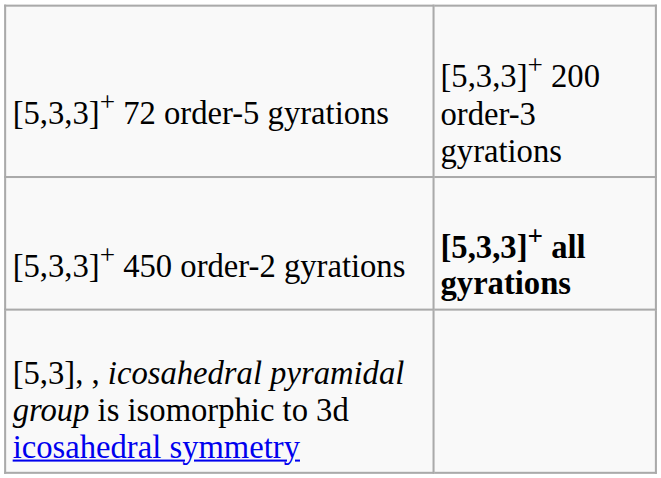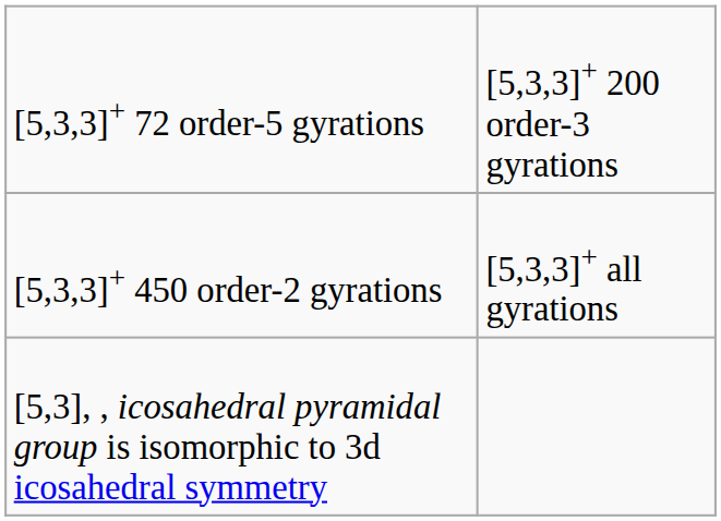 <table class=wikitable align=right width=320>
 <tr>
 <td><br>[5,3,3]<sup>+</sup> 72 order-5 gyrations</td>
 <td><br>[5,3,3]<sup>+</sup> 200 order-3 gyrations</td>
 </tr>
 <tr>
 <td><br>[5,3,3]<sup>+</sup> 450 order-2 gyrations</td>
-<td><strong><br>[5,3,3]<sup>+</sup> all gyrations</strong></td>
+<td><br>[5,3,3]<sup>+</sup> all gyrations</td>
 </tr>
 <tr>
 <td><br>[5,3], , <em>icosahedral pyramidal group</em> is isomorphic to 3d <a href='#'>icosahedral symmetry</a></td>
 </tr>
 </table>
